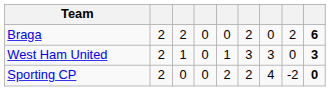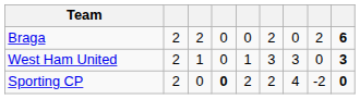 <table class="wikitable" style="text-align:center">
 <tr>
 <th style="width:175px;">Team</th>
 <th width="20"></th>
 <th width="20"></th>
 <th width="20"></th>
 <th width="20"></th>
 <th width="20"></th>
 <th width="20"></th>
 <th width="20"></th>
 <th width="20"></th>
 </tr>
 <tr>
 <td align=left><a href='#'>Braga</a></td>
 <td>2</td>
 <td>2</td>
 <td>0</td>
 <td>0</td>
 <td>2</td>
 <td>0</td>
 <td>2</td>
 <td><strong>6</strong></td>
 </tr>
 <tr>
 <td align=left><a href='#'>West Ham United</a></td>
 <td>2</td>
 <td>1</td>
 <td>0</td>
 <td>1</td>
 <td>3</td>
 <td>3</td>
 <td>0</td>
 <td><strong>3</strong></td>
 </tr>
 <tr>
 <td align=left><a href='#'>Sporting CP</a></td>
 <td>2</td>
 <td>0</td>
-<td>0</td>
+<td><strong>0</strong></td>
 <td>2</td>
 <td>2</td>
 <td>4</td>
 <td>-2</td>
 <td><strong>0</strong></td>
 </tr>
 </table>
